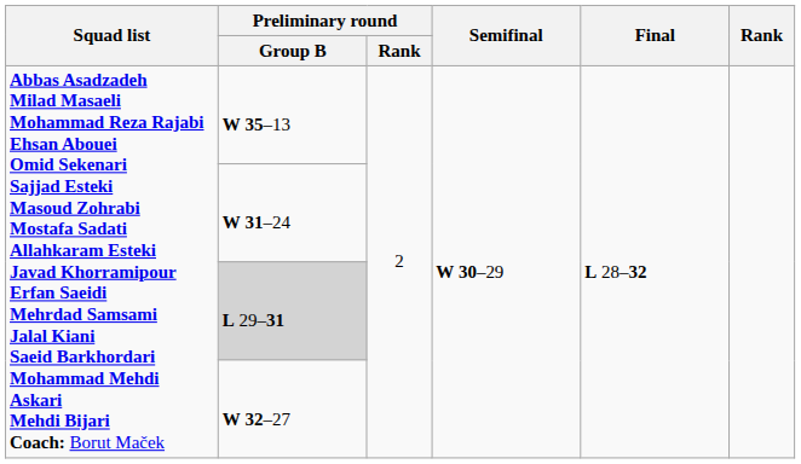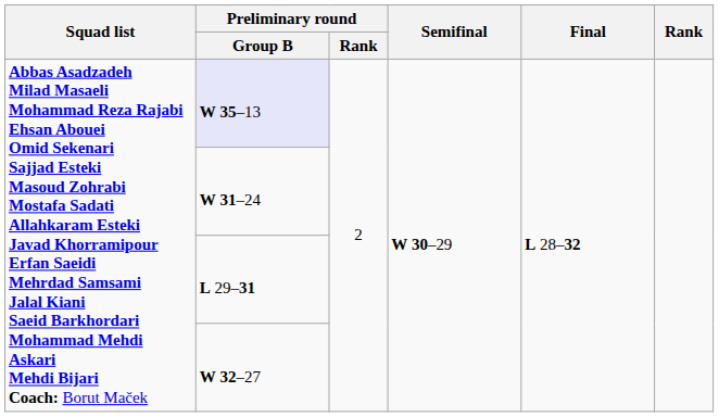 <table class="wikitable" width="71%" style="text-align:left; font-size:90%">
 <tr>
 <th rowspan="2" width="20%">Squad list</th>
 <th colspan="2">Preliminary round</th>
 <th rowspan="2" width="14%">Semifinal</th>
 <th rowspan="2" width="14%">Final</th>
 <th rowspan="2" width="5%">Rank</th>
 </tr>
 <tr>
 <th width="14%">Group B</th>
 <th width="5%">Rank</th>
 </tr>
 <tr>
 <td rowspan="4"><strong><a href='#'>Abbas Asadzadeh</a><br><a href='#'>Milad Masaeli</a><br><a href='#'>Mohammad Reza Rajabi</a><br><a href='#'>Ehsan Abouei</a><br><a href='#'>Omid Sekenari</a><br><a href='#'>Sajjad Esteki</a><br><a href='#'>Masoud Zohrabi</a><br><a href='#'>Mostafa Sadati</a><br><a href='#'>Allahkaram Esteki</a><br><a href='#'>Javad Khorramipour</a><br><a href='#'>Erfan Saeidi</a><br><a href='#'>Mehrdad Samsami</a><br><a href='#'>Jalal Kiani</a><br><a href='#'>Saeid Barkhordari</a><br><a href='#'>Mohammad Mehdi Askari</a><br><a href='#'>Mehdi Bijari</a><br>Coach:</strong>  <a href='#'>Borut Maček</a></td>
-<td><br><strong>W</strong> <strong>35</strong>–13</td>
+<td style="background: lavender;"><br><strong>W</strong> <strong>35</strong>–13</td>
 <td rowspan="4" align=center>2 <strong></strong></td>
 <td rowspan="4"><br><strong>W</strong> <strong>30</strong>–29</td>
 <td rowspan="4"><br><strong>L</strong> 28–<strong>32</strong></td>
 <td rowspan="4" align="center"></td>
 </tr>
 <tr>
 <td><br><strong>W</strong> <strong>31</strong>–24</td>
 </tr>
 <tr>
-<td style="background: lightgrey;"><br><strong>L</strong> 29–<strong>31</strong></td>
+<td><br><strong>L</strong> 29–<strong>31</strong></td>
 </tr>
 <tr>
 <td><br><strong>W</strong> <strong>32</strong>–27</td>
 </tr>
 </table>
